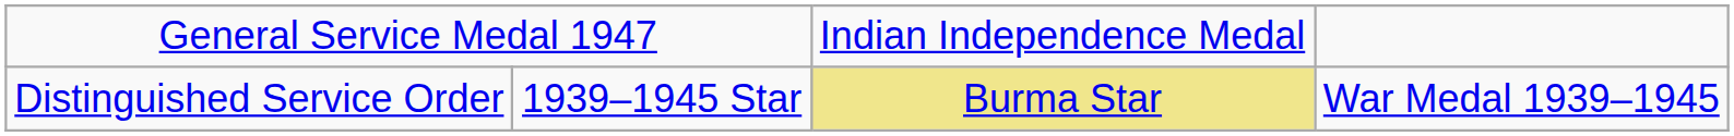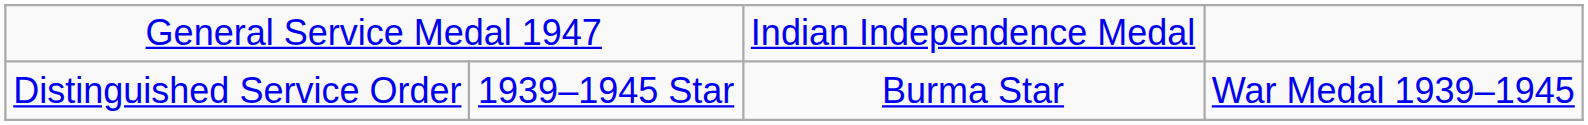 <table class="wikitable" style="margin:1em auto; text-align:center;">
 <tr>
 <td colspan="2"><a href='#'>General Service Medal 1947</a></td>
 <td><a href='#'>Indian Independence Medal</a></td>
 </tr>
 <tr>
 <td><a href='#'>Distinguished Service Order</a></td>
 <td><a href='#'>1939–1945 Star</a></td>
-<td style="background: khaki;"><a href='#'>Burma Star</a></td>
+<td><a href='#'>Burma Star</a></td>
 <td><a href='#'>War Medal 1939–1945</a></td>
 </tr>
 </table>
